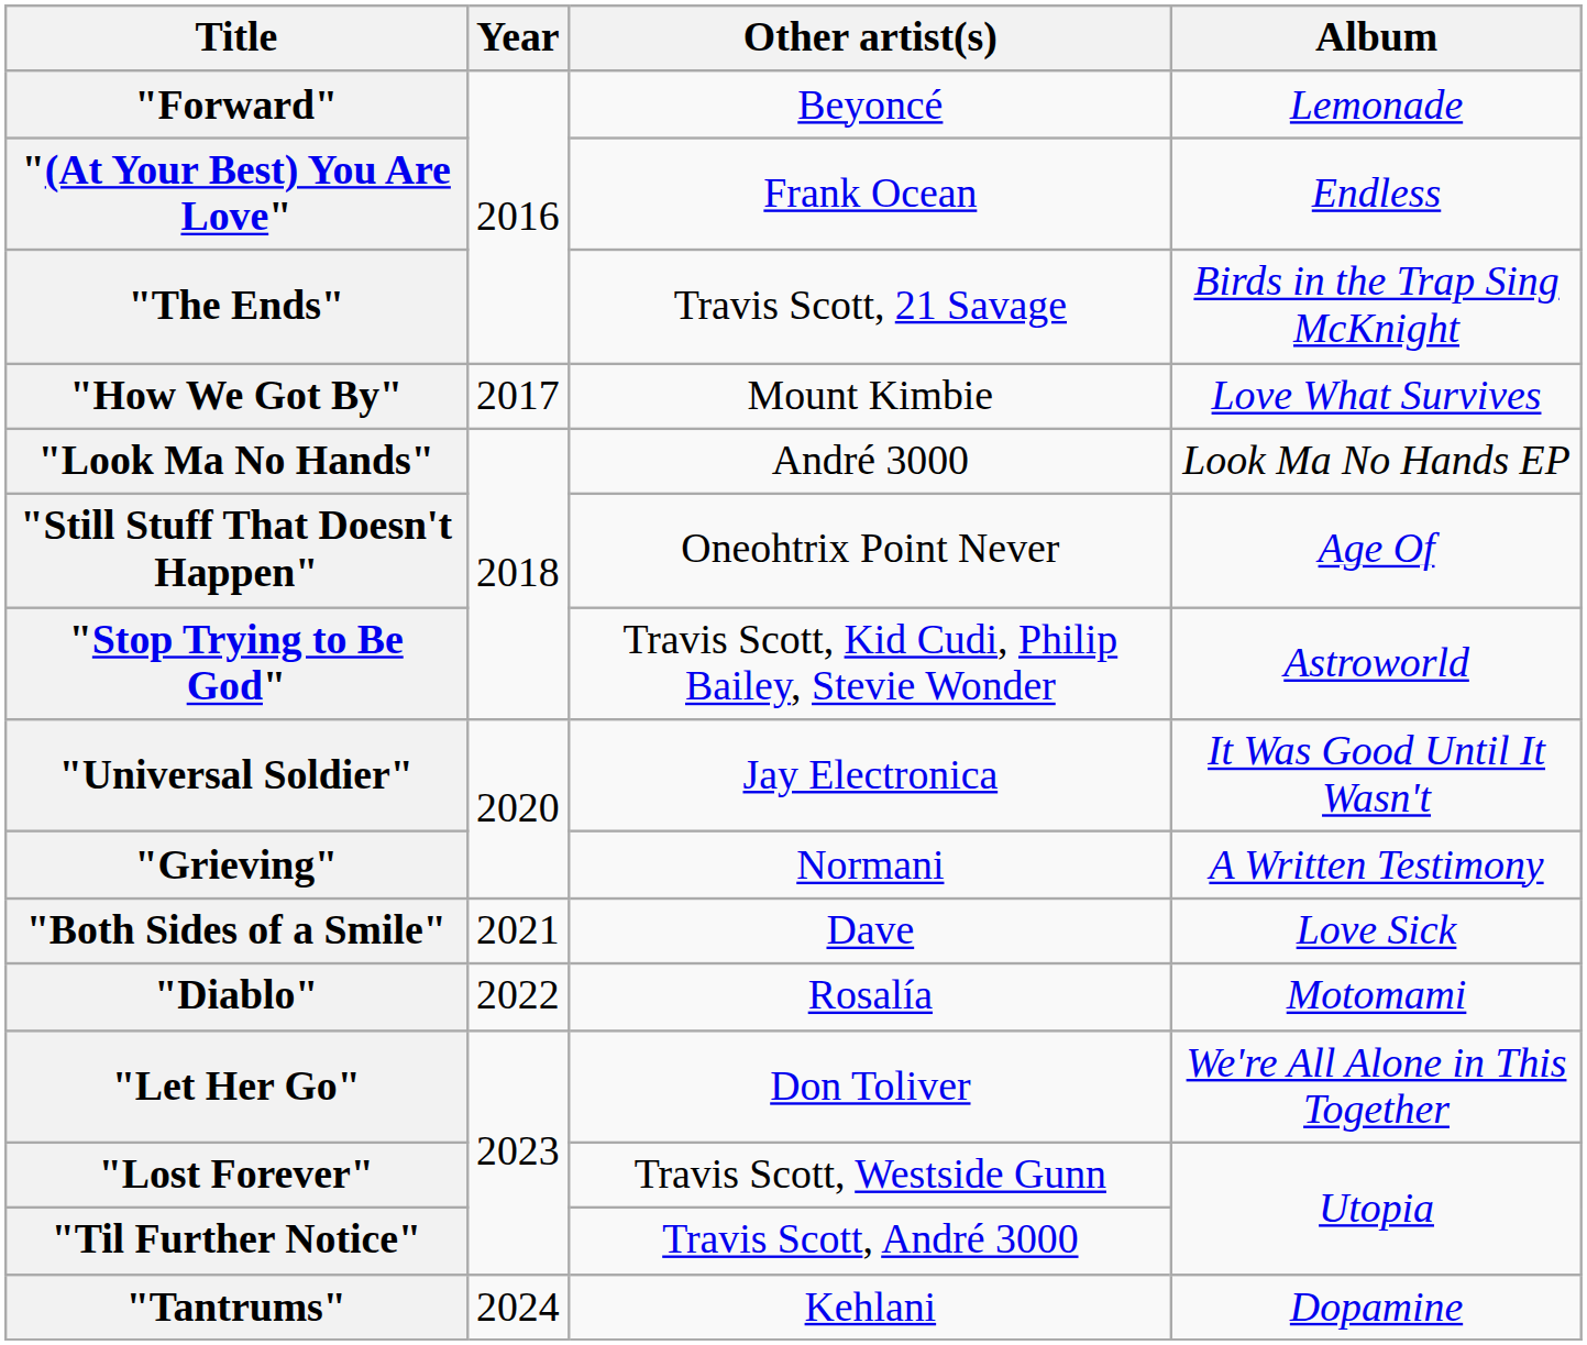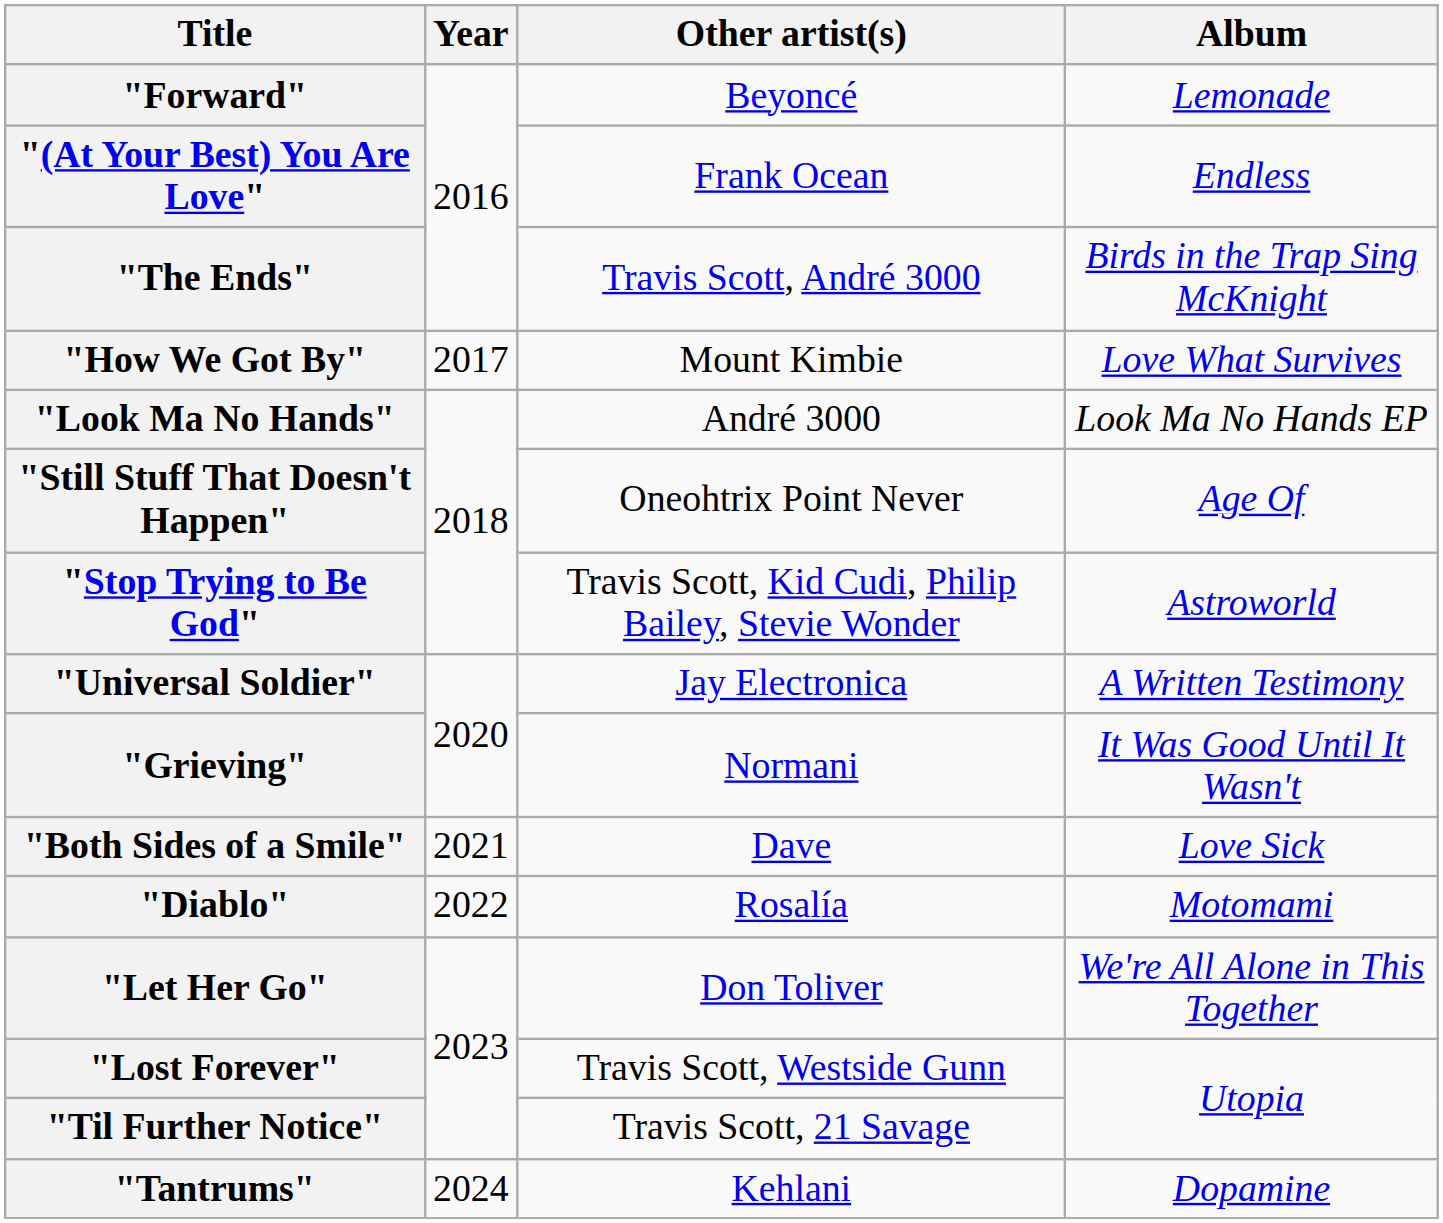 <table class="wikitable plainrowheaders" style="text-align:center;">
 <tr>
 <th scope="col">Title</th>
 <th scope="col">Year</th>
 <th scope="col">Other artist(s)</th>
 <th scope="col">Album</th>
 </tr>
 <tr>
 <th scope="row">"Forward"</th>
 <td rowspan="3">2016</td>
 <td><a href='#'>Beyoncé</a></td>
 <td><em><a href='#'>Lemonade</a></em></td>
 </tr>
 <tr>
 <th scope="row">"<a href='#'>(At Your Best) You Are Love</a>"</th>
 <td><a href='#'>Frank Ocean</a></td>
 <td><em><a href='#'>Endless</a></em></td>
 </tr>
 <tr>
 <th scope="row">"The Ends"</th>
-<td>Travis Scott, <a href='#'>21 Savage</a></td>
+<td><a href='#'>Travis Scott</a>, <a href='#'>André 3000</a></td>
 <td><em><a href='#'>Birds in the Trap Sing McKnight</a></em></td>
 </tr>
 <tr>
 <th scope="row">"How We Got By"</th>
 <td>2017</td>
 <td>Mount Kimbie</td>
 <td><em><a href='#'>Love What Survives</a></em></td>
 </tr>
 <tr>
 <th scope="row">"Look Ma No Hands"</th>
 <td rowspan="3">2018</td>
 <td>André 3000</td>
 <td><em>Look Ma No Hands EP</em></td>
 </tr>
 <tr>
 <th scope="row">"Still Stuff That Doesn't Happen"</th>
 <td>Oneohtrix Point Never</td>
 <td><em><a href='#'>Age Of</a></em></td>
 </tr>
 <tr>
 <th scope="row">"<a href='#'>Stop Trying to Be God</a>"</th>
 <td>Travis Scott, <a href='#'>Kid Cudi</a>, <a href='#'>Philip Bailey</a>, <a href='#'>Stevie Wonder</a></td>
 <td><em><a href='#'>Astroworld</a></em></td>
 </tr>
 <tr>
 <th scope="row">"Universal Soldier"</th>
 <td rowspan="2">2020</td>
 <td><a href='#'>Jay Electronica</a></td>
-<td><em><a href='#'>It Was Good Until It Wasn't</a></em></td>
+<td><em><a href='#'>A Written Testimony</a></em></td>
 </tr>
 <tr>
 <th scope="row">"Grieving"</th>
 <td><a href='#'>Normani</a></td>
-<td><em><a href='#'>A Written Testimony</a></em></td>
+<td><em><a href='#'>It Was Good Until It Wasn't</a></em></td>
 </tr>
 <tr>
 <th scope="row">"Both Sides of a Smile"</th>
 <td>2021</td>
 <td><a href='#'>Dave</a></td>
 <td><em><a href='#'>Love Sick</a></em></td>
 </tr>
 <tr>
 <th scope="row">"Diablo"</th>
 <td>2022</td>
 <td><a href='#'>Rosalía</a></td>
 <td><em><a href='#'>Motomami</a></em></td>
 </tr>
 <tr>
 <th scope="row">"Let Her Go"</th>
 <td rowspan="3">2023</td>
 <td><a href='#'>Don Toliver</a></td>
 <td><em><a href='#'>We're All Alone in This Together</a></em></td>
 </tr>
 <tr>
 <th scope="row">"Lost Forever"</th>
 <td>Travis Scott, <a href='#'>Westside Gunn</a></td>
 <td rowspan="2"><em><a href='#'>Utopia</a></em></td>
 </tr>
 <tr>
 <th scope="row">"Til Further Notice"</th>
-<td><a href='#'>Travis Scott</a>, <a href='#'>André 3000</a></td>
+<td>Travis Scott, <a href='#'>21 Savage</a></td>
 </tr>
 <tr>
 <th scope="row">"Tantrums"</th>
 <td>2024</td>
 <td><a href='#'>Kehlani</a></td>
 <td><em><a href='#'>Dopamine</a></em></td>
 </tr>
 </table>
